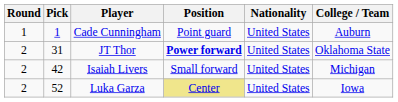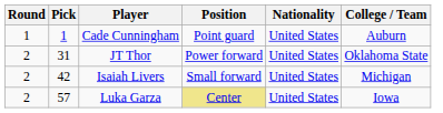 <table class="wikitable sortable sortable">
 <tr>
 <th>Round</th>
 <th>Pick</th>
 <th>Player</th>
 <th>Position</th>
 <th>Nationality</th>
 <th>College / Team</th>
 </tr>
 <tr style="text-align: center">
 <td>1</td>
 <td><a href='#'>1</a></td>
 <td><a href='#'>Cade Cunningham</a></td>
 <td><a href='#'>Point guard</a></td>
 <td> <a href='#'>United States</a></td>
 <td><a href='#'>Auburn</a></td>
 </tr>
 <tr style="text-align: center">
 <td>2</td>
 <td>31</td>
 <td><a href='#'>JT Thor</a></td>
-<td><strong><a href='#'>Power forward</a></strong></td>
+<td><a href='#'>Power forward</a></td>
 <td> <a href='#'>United States</a></td>
 <td><a href='#'>Oklahoma State</a></td>
 </tr>
 <tr style="text-align: center">
 <td>2</td>
 <td>42</td>
 <td><a href='#'>Isaiah Livers</a></td>
 <td><a href='#'>Small forward</a></td>
 <td> <a href='#'>United States</a></td>
 <td><a href='#'>Michigan</a></td>
 </tr>
 <tr style="text-align: center">
 <td>2</td>
-<td>52</td>
+<td>57</td>
 <td><a href='#'>Luka Garza</a></td>
 <td style="background: khaki;"><a href='#'>Center</a></td>
 <td> <a href='#'>United States</a></td>
 <td><a href='#'>Iowa</a></td>
 </tr>
 </table>
